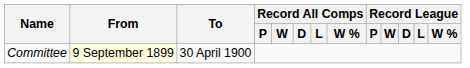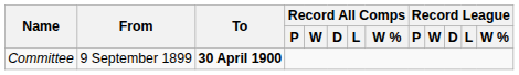 <table style="text-align: center" class="wikitable">
 <tr>
 <th rowspan="2">Name</th>
 <th rowspan="2">From</th>
 <th rowspan="2">To</th>
 <th colspan="5">Record All Comps</th>
 <th colspan="5">Record League</th>
 </tr>
 <tr>
 <th>P</th>
 <th>W</th>
 <th>D</th>
 <th>L</th>
 <th>W %</th>
 <th>P</th>
 <th>W</th>
 <th>D</th>
 <th>L</th>
 <th>W %</th>
 </tr>
 <tr>
 <td style="text-align:left;"><em>Committee</em></td>
-<td style="background: lightyellow; text-align:left;">9 September 1899</td>
-<td style="text-align:left;">30 April 1900<br> </td>
+<td style="text-align:left;">9 September 1899</td>
+<td style="text-align:left;"><strong>30 April 1900<br> </strong></td>
 </tr>
 </table>
